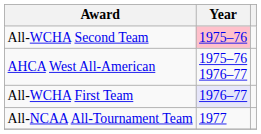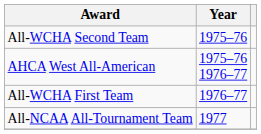 <table class="wikitable">
 <tr>
 <th>Award</th>
 <th>Year</th>
 <th></th>
 </tr>
 <tr>
 <td>All-<a href='#'>WCHA</a> <a href='#'>Second Team</a></td>
-<td style="background: pink;"><a href='#'>1975–76</a></td>
+<td><a href='#'>1975–76</a></td>
 <td></td>
 </tr>
 <tr>
 <td><a href='#'>AHCA</a> <a href='#'>West All-American</a></td>
 <td><a href='#'>1975–76</a><br><a href='#'>1976–77</a></td>
 <td></td>
 </tr>
 <tr>
 <td>All-<a href='#'>WCHA</a> <a href='#'>First Team</a></td>
-<td style="background: lavender;"><a href='#'>1976–77</a></td>
+<td><a href='#'>1976–77</a></td>
 <td></td>
 </tr>
 <tr>
 <td>All-<a href='#'>NCAA</a> <a href='#'>All-Tournament Team</a></td>
 <td><a href='#'>1977</a></td>
 <td></td>
 </tr>
 <tr>
 </tr>
 </table>
